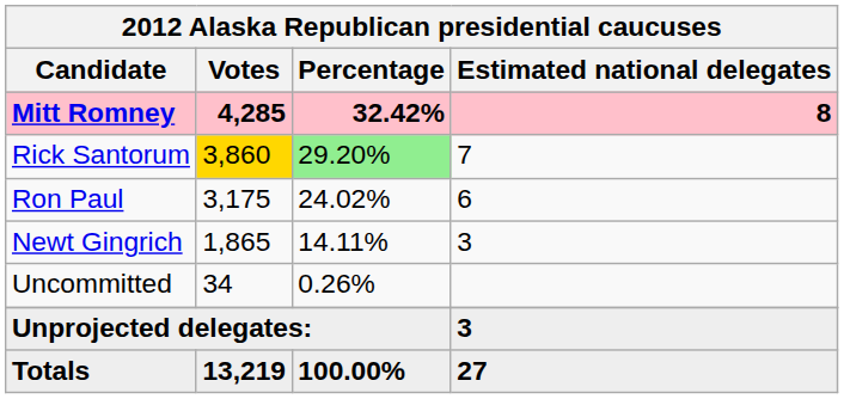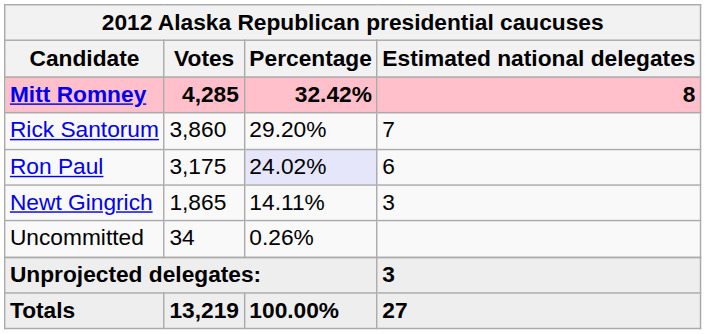 <table class=wikitable>
 <tr style="background:#eee; text-align:center;">
 <th colspan="4">2012 Alaska Republican presidential caucuses</th>
 </tr>
 <tr style="background:#eee; text-align:center;">
 <th>Candidate</th>
 <th>Votes</th>
 <th>Percentage</th>
 <th>Estimated national delegates</th>
 </tr>
 <tr align="right" bgcolor="pink">
 <td align="left"><strong><a href='#'>Mitt Romney</a></strong></td>
 <td><strong>4,285</strong></td>
 <td><strong>32.42%</strong></td>
 <td><strong>8</strong></td>
 </tr>
 <tr>
 <td align="left"><a href='#'>Rick Santorum</a></td>
-<td style="background: gold;">3,860</td>
-<td style="background: lightgreen;">29.20%</td>
+<td>3,860</td>
+<td>29.20%</td>
 <td>7</td>
 </tr>
 <tr>
 <td align="left"><a href='#'>Ron Paul</a></td>
 <td>3,175</td>
-<td>24.02%</td>
+<td style="background: lavender;">24.02%</td>
 <td>6</td>
 </tr>
 <tr>
 <td align="left"><a href='#'>Newt Gingrich</a></td>
 <td>1,865</td>
 <td>14.11%</td>
 <td>3</td>
 </tr>
 <tr>
 <td align="left">Uncommitted</td>
 <td>34</td>
 <td>0.26%</td>
 <td></td>
 </tr>
 <tr>
 </tr>
 <tr bgcolor="#eeeeee">
 <td colspan="3"><strong>Unprojected delegates:</strong></td>
 <td><strong>3</strong></td>
 </tr>
 <tr bgcolor="#EEEEEE">
 <td><strong>Totals</strong></td>
 <td><strong>13,219</strong></td>
 <td><strong>100.00%</strong></td>
 <td><strong>27</strong></td>
 </tr>
 </table>
